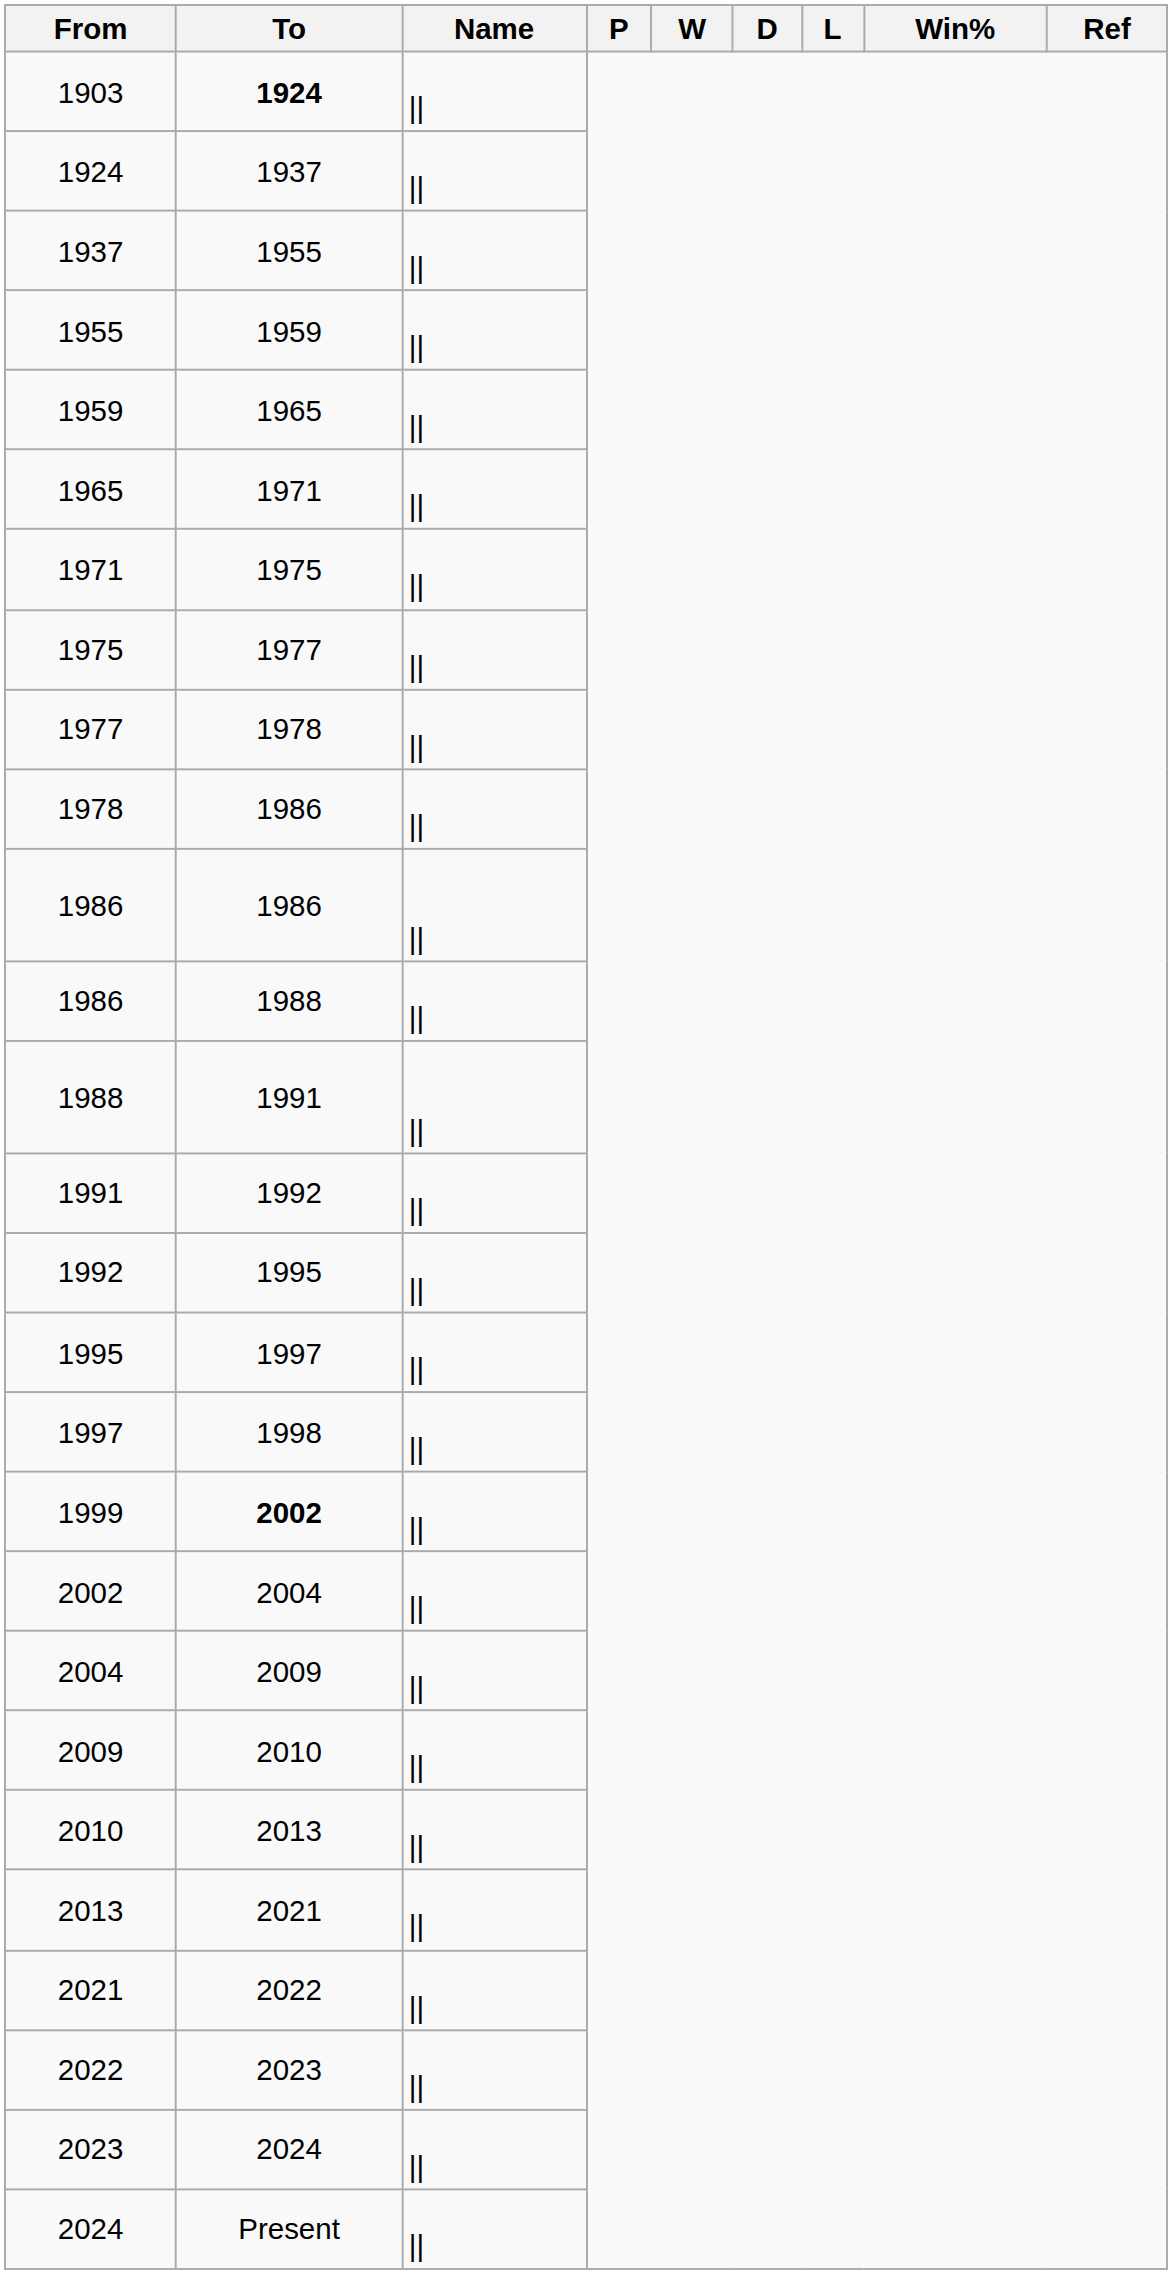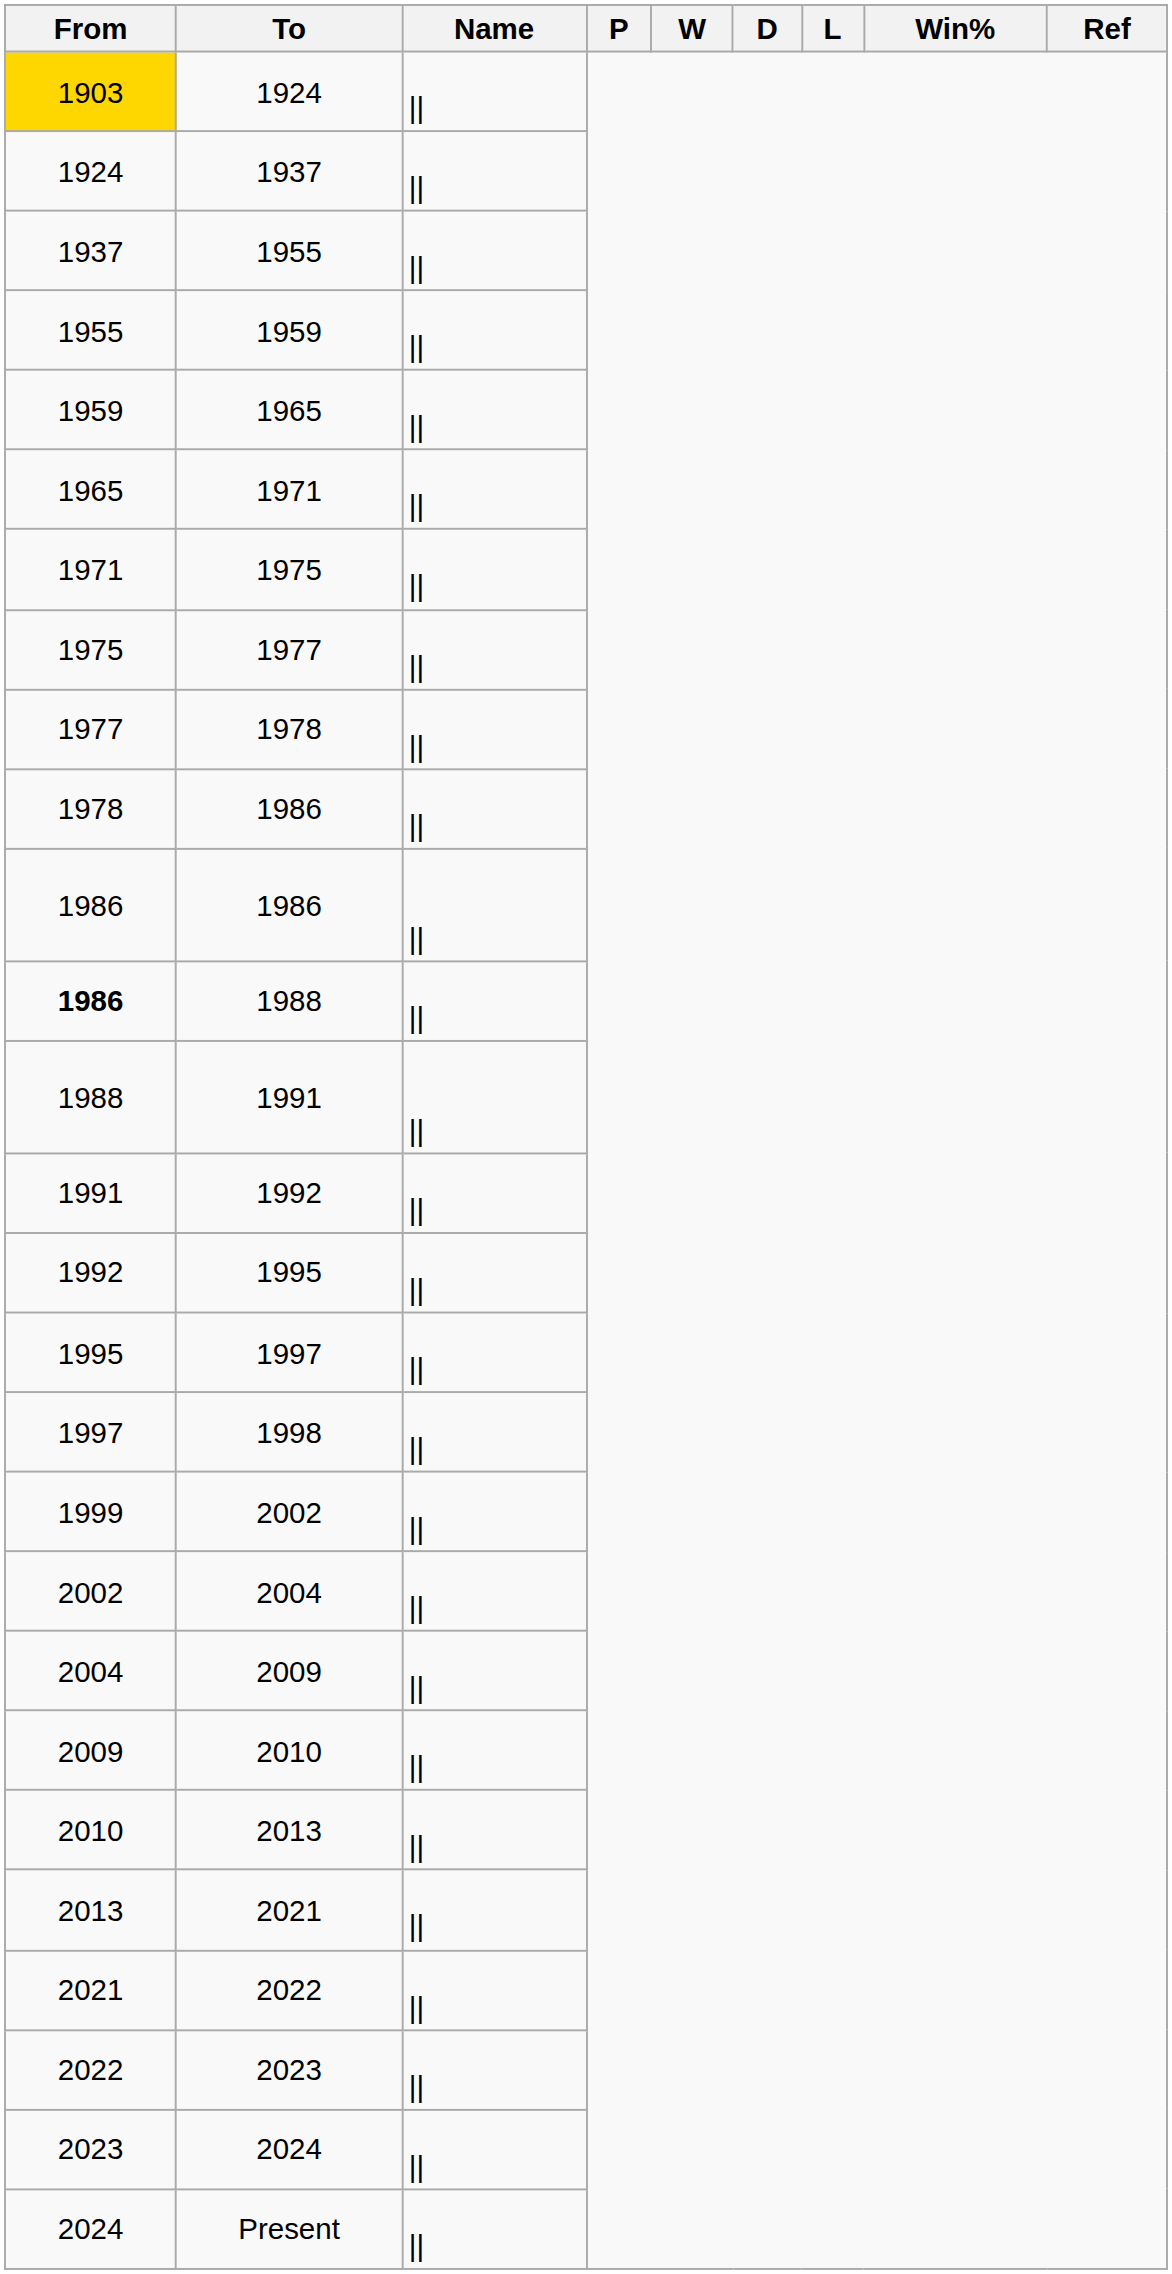 <table class="sortable wikitable" style="text-align: center; width:600px; font-size:95%">
 <tr>
 <th>From</th>
 <th>To</th>
 <th>Name</th>
 <th>P</th>
 <th>W</th>
 <th>D</th>
 <th>L</th>
 <th>Win%</th>
 <th>Ref</th>
 </tr>
 <tr>
-<td>1903</td>
-<td><strong>1924</strong></td>
+<td style="background: gold;">1903</td>
+<td>1924</td>
 <td align=left> <br>||</td>
 </tr>
 <tr>
 <td>1924</td>
 <td>1937</td>
 <td align=left> <br>||</td>
 </tr>
 <tr>
 <td>1937</td>
 <td>1955</td>
 <td align=left> <br>||</td>
 </tr>
 <tr>
 <td>1955</td>
 <td>1959</td>
 <td align=left> <br>||</td>
 </tr>
 <tr>
 <td>1959</td>
 <td>1965</td>
 <td align=left> <br>||</td>
 </tr>
 <tr>
 <td>1965</td>
 <td>1971</td>
 <td align=left> <br>||</td>
 </tr>
 <tr>
 <td>1971</td>
 <td>1975</td>
 <td align=left> <br>||</td>
 </tr>
 <tr>
 <td>1975</td>
 <td>1977</td>
 <td align=left> <br>||</td>
 </tr>
 <tr>
 <td>1977</td>
 <td>1978</td>
 <td align=left> <br>||</td>
 </tr>
 <tr>
 <td>1978</td>
 <td>1986</td>
 <td align=left> <br>||</td>
 </tr>
 <tr>
 <td>1986</td>
 <td>1986</td>
 <td align=left> <br> <br>||</td>
 </tr>
 <tr>
-<td>1986</td>
+<td><strong>1986</strong></td>
 <td>1988</td>
 <td align=left> <br>||</td>
 </tr>
 <tr>
 <td>1988</td>
 <td>1991</td>
 <td align=left>  <br>  <br>||</td>
 </tr>
 <tr>
 <td>1991</td>
 <td>1992</td>
 <td align=left> <br>||</td>
 </tr>
 <tr>
 <td>1992</td>
 <td>1995</td>
 <td align=left> <br>||</td>
 </tr>
 <tr>
 <td>1995</td>
 <td>1997</td>
 <td align=left> <br>||</td>
 </tr>
 <tr>
 <td>1997</td>
 <td>1998</td>
 <td align=left> <br>||</td>
 </tr>
 <tr>
 <td>1999</td>
-<td><strong>2002</strong></td>
+<td>2002</td>
 <td align=left> <br>||</td>
 </tr>
 <tr>
 <td>2002</td>
 <td>2004</td>
 <td align=left> <br>||</td>
 </tr>
 <tr>
 <td>2004</td>
 <td>2009</td>
 <td align=left> <br>||</td>
 </tr>
 <tr>
 <td>2009</td>
 <td>2010</td>
 <td align=left> <br>||</td>
 </tr>
 <tr>
 <td>2010</td>
 <td>2013</td>
 <td align=left> <br>||</td>
 </tr>
 <tr>
 <td>2013</td>
 <td>2021</td>
 <td align=left> <br>|| </td>
 </tr>
 <tr>
 <td>2021</td>
 <td>2022</td>
 <td align=left> <br>||</td>
 </tr>
 <tr>
 <td>2022</td>
 <td>2023</td>
 <td align=left> <br>||</td>
 </tr>
 <tr>
 <td>2023</td>
 <td>2024</td>
 <td align=left> <br>||</td>
 </tr>
 <tr>
 <td>2024</td>
 <td>Present</td>
 <td align=left>  <br>||</td>
 </tr>
 </table>
